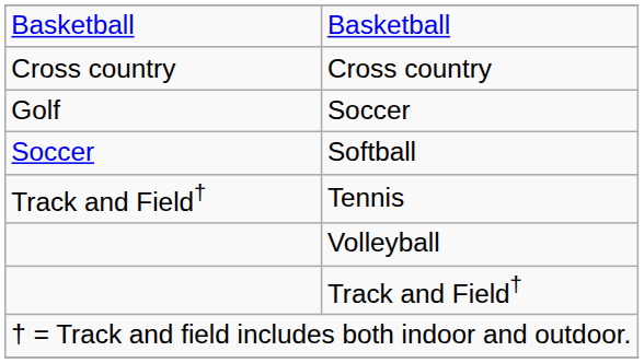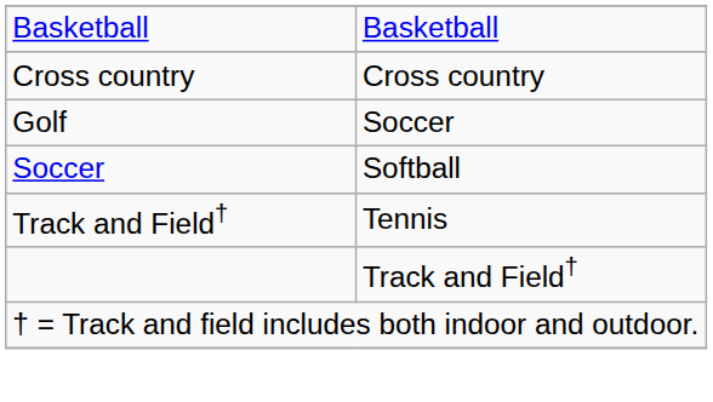 <table class="wikitable">
 <tr>
 </tr>
 <tr>
 <td><a href='#'>Basketball</a></td>
 <td><a href='#'>Basketball</a></td>
 </tr>
 <tr>
 <td>Cross country</td>
 <td>Cross country</td>
 </tr>
 <tr>
 <td>Golf</td>
 <td>Soccer</td>
 </tr>
 <tr>
 <td><a href='#'>Soccer</a></td>
 <td>Softball</td>
 </tr>
 <tr>
 <td>Track and Field<sup>†</sup></td>
 <td>Tennis</td>
 </tr>
 <tr>
 <td></td>
-<td>Volleyball</td>
-</tr>
-<tr>
-<td></td>
 <td>Track and Field<sup>†</sup></td>
 </tr>
 <tr>
 <td colspan="2">† = Track and field includes both indoor and outdoor.</td>
 </tr>
 <tr>
 </tr>
 </table>
